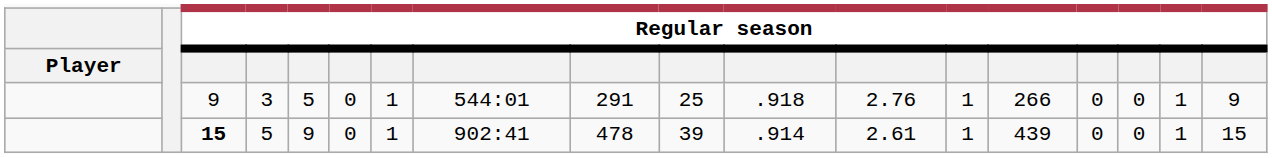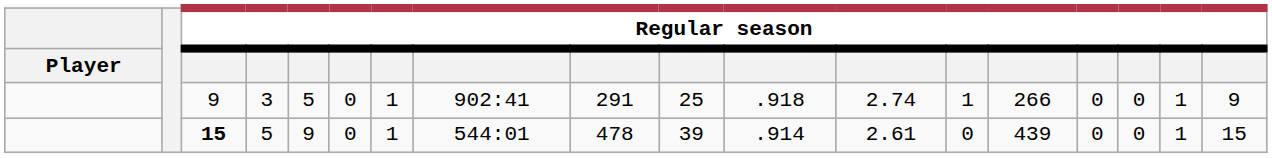 <table class="wikitable" style="text-align:center; width: 60em">
 <tr>
 <th></th>
 <th rowspan="100"></th>
 <th colspan="16" style="background:#fff; border-top:#AF3447 5px solid;border-bottom:#000 5px solid;">Regular season</th>
 </tr>
 <tr>
 <th>Player</th>
 <th></th>
 <th></th>
 <th></th>
 <th></th>
 <th></th>
 <th></th>
 <th></th>
 <th></th>
 <th></th>
 <th></th>
 <th></th>
 <th></th>
 <th></th>
 <th></th>
 <th></th>
 <th></th>
 </tr>
 <tr>
 <td style="text-align:left;"></td>
 <td>9</td>
 <td>3</td>
 <td>5</td>
 <td>0</td>
 <td>1</td>
-<td>544:01</td>
+<td>902:41</td>
 <td>291</td>
 <td>25</td>
 <td>.918</td>
-<td>2.76</td>
+<td>2.74</td>
 <td>1</td>
 <td>266</td>
 <td>0</td>
 <td>0</td>
 <td>1</td>
 <td>9</td>
 </tr>
 <tr>
 <td style="text-align:left;"></td>
 <td><strong>15</strong></td>
 <td>5</td>
 <td>9</td>
 <td>0</td>
 <td>1</td>
-<td>902:41</td>
+<td>544:01</td>
 <td>478</td>
 <td>39</td>
 <td>.914</td>
 <td>2.61</td>
-<td>1</td>
+<td>0</td>
 <td>439</td>
 <td>0</td>
 <td>0</td>
 <td>1</td>
 <td>15</td>
 </tr>
 </table>
